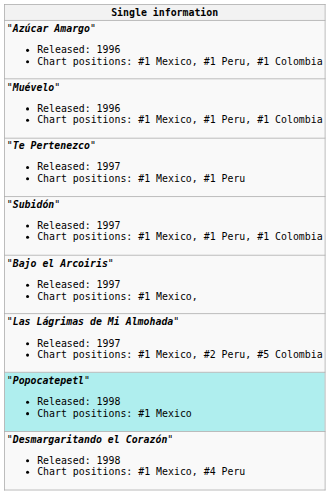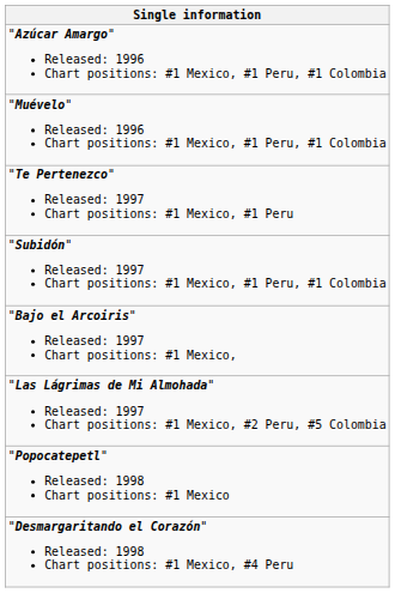 <table class="wikitable">
 <tr>
 <th>Single information</th>
 </tr>
 <tr>
 <td>"<strong><em>Azúcar Amargo</em></strong>"<br><ul><li>Released:  1996</li><li>Chart positions: #1 Mexico, #1 Peru, #1 Colombia</li></ul></td>
 </tr>
 <tr>
 <td>"<strong><em>Muévelo</em></strong>"<br><ul><li>Released:  1996</li><li>Chart positions: #1 Mexico, #1 Peru, #1 Colombia</li></ul></td>
 </tr>
 <tr>
 <td>"<strong><em>Te Pertenezco</em></strong>"<br><ul><li>Released:  1997</li><li>Chart positions: #1 Mexico, #1 Peru</li></ul></td>
 </tr>
 <tr>
 <td>"<strong><em>Subidón</em></strong>"<br><ul><li>Released:  1997</li><li>Chart positions: #1 Mexico, #1 Peru, #1 Colombia</li></ul></td>
 </tr>
 <tr>
 <td>"<strong><em>Bajo el Arcoiris</em></strong>"<br><ul><li>Released:  1997</li><li>Chart positions: #1 Mexico,</li></ul></td>
 </tr>
 <tr>
 <td>"<strong><em>Las Lágrimas de Mi Almohada</em></strong>"<br><ul><li>Released:  1997</li><li>Chart positions: #1 Mexico, #2 Peru, #5 Colombia</li></ul></td>
 </tr>
 <tr>
-<td style="background: paleturquoise;">"<strong><em>Popocatepetl</em></strong>"<br><ul><li>Released:  1998</li><li>Chart positions: #1 Mexico</li></ul></td>
+<td>"<strong><em>Popocatepetl</em></strong>"<br><ul><li>Released:  1998</li><li>Chart positions: #1 Mexico</li></ul></td>
 </tr>
 <tr>
 <td>"<strong><em>Desmargaritando el Corazón</em></strong>"<br><ul><li>Released:  1998</li><li>Chart positions: #1 Mexico, #4 Peru</li></ul></td>
 </tr>
 </table>
